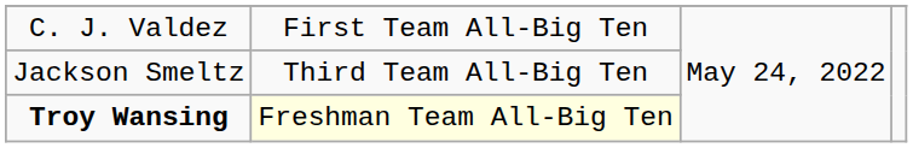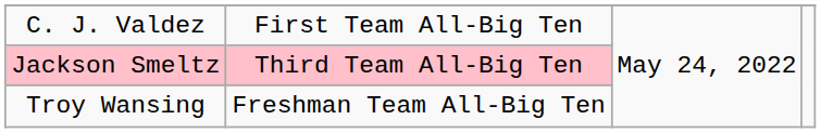 <table class="wikitable sortable" style="text-align: center">
 <tr align=center>
 </tr>
 <tr>
 <td>C. J. Valdez</td>
 <td rowspan="1">First Team All-Big Ten</td>
 <td rowspan="3">May 24, 2022</td>
 <td rowspan="3"></td>
 </tr>
 <tr>
-<td>Jackson Smeltz</td>
-<td rowspan="1">Third Team All-Big Ten</td>
+<td style="background: pink;">Jackson Smeltz</td>
+<td rowspan="1" style="background: pink;">Third Team All-Big Ten</td>
 </tr>
 <tr>
-<td><strong>Troy Wansing</strong></td>
-<td rowspan="1" style="background: lightyellow;">Freshman Team All-Big Ten</td>
+<td>Troy Wansing</td>
+<td rowspan="1">Freshman Team All-Big Ten</td>
 </tr>
 </table>
